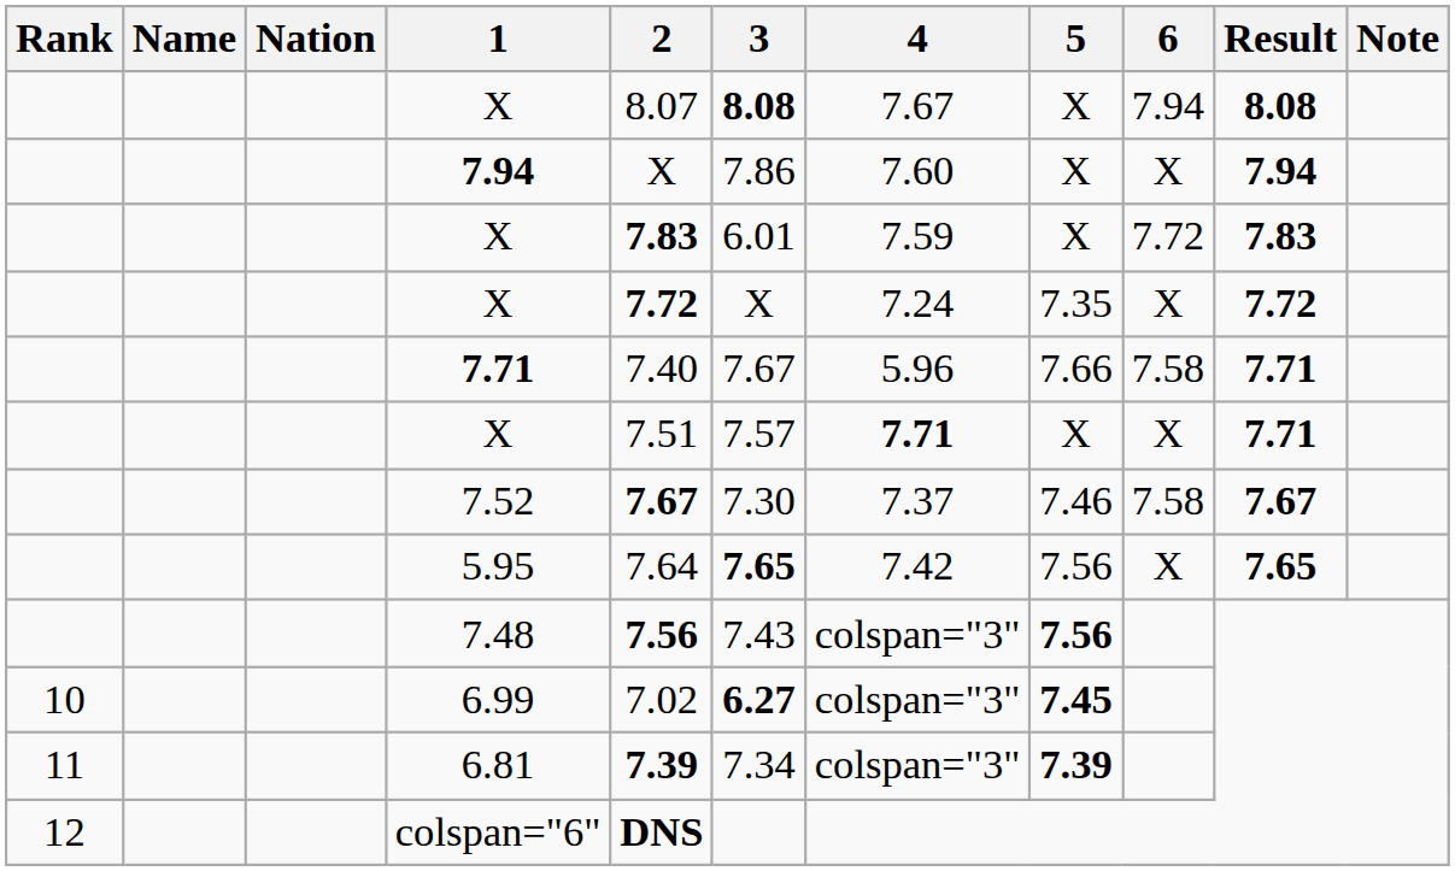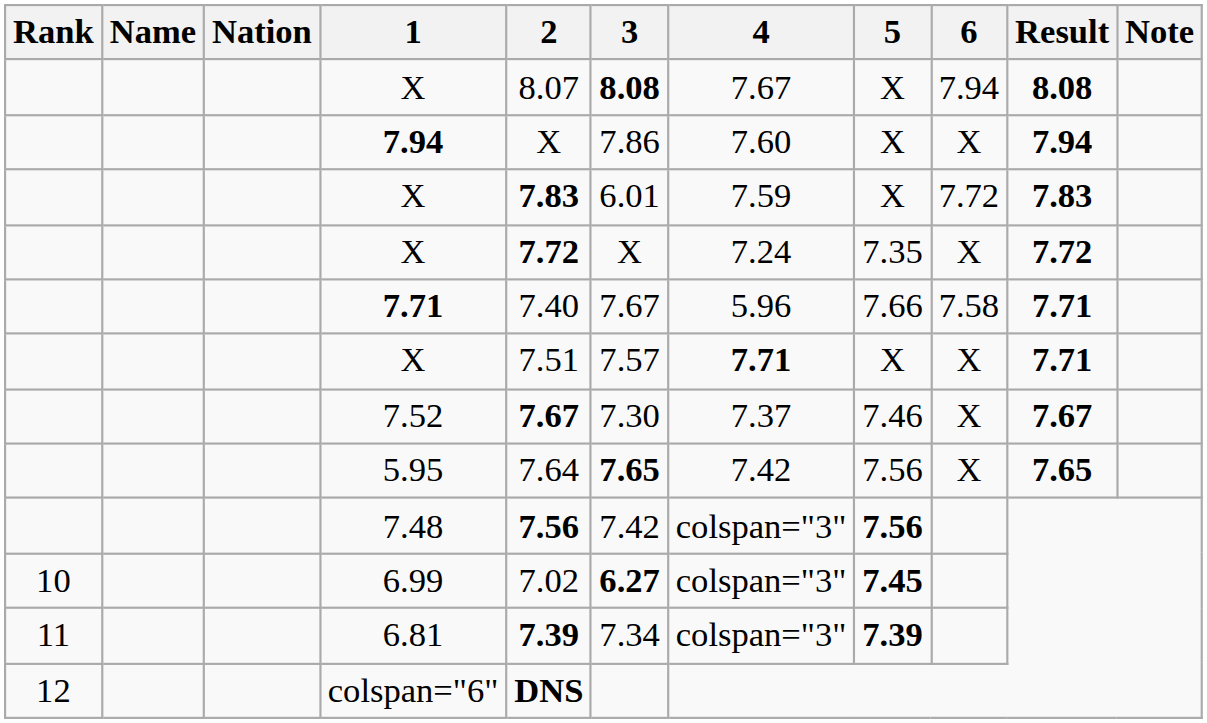 <table class="wikitable sortable" style="text-align:center">
 <tr>
 <th>Rank</th>
 <th>Name</th>
 <th>Nation</th>
 <th>1</th>
 <th>2</th>
 <th>3</th>
 <th>4</th>
 <th>5</th>
 <th>6</th>
 <th>Result</th>
 <th>Note</th>
 </tr>
 <tr>
 <td></td>
 <td align=left></td>
 <td align=left></td>
 <td>X</td>
 <td>8.07</td>
 <td><strong>8.08</strong></td>
 <td>7.67</td>
 <td>X</td>
 <td>7.94</td>
 <td><strong>8.08</strong></td>
 <td></td>
 </tr>
 <tr>
 <td></td>
 <td align=left></td>
 <td align=left></td>
 <td><strong>7.94</strong></td>
 <td>X</td>
 <td>7.86</td>
 <td>7.60</td>
 <td>X</td>
 <td>X</td>
 <td><strong>7.94</strong></td>
 <td></td>
 </tr>
 <tr>
 <td></td>
 <td align=left></td>
 <td align=left></td>
 <td>X</td>
 <td><strong>7.83</strong></td>
 <td>6.01</td>
 <td>7.59</td>
 <td>X</td>
 <td>7.72</td>
 <td><strong>7.83</strong></td>
 <td></td>
 </tr>
 <tr>
 <td></td>
 <td align=left></td>
 <td align=left></td>
 <td>X</td>
 <td><strong>7.72</strong></td>
 <td>X</td>
 <td>7.24</td>
 <td>7.35</td>
 <td>X</td>
 <td><strong>7.72</strong></td>
 <td></td>
 </tr>
 <tr>
 <td></td>
 <td align=left></td>
 <td align=left></td>
 <td><strong>7.71</strong></td>
 <td>7.40</td>
 <td>7.67</td>
 <td>5.96</td>
 <td>7.66</td>
 <td>7.58</td>
 <td><strong>7.71</strong></td>
 <td></td>
 </tr>
 <tr>
 <td></td>
 <td align=left></td>
 <td align=left></td>
 <td>X</td>
 <td>7.51</td>
 <td>7.57</td>
 <td><strong>7.71</strong></td>
 <td>X</td>
 <td>X</td>
 <td><strong>7.71</strong></td>
 <td></td>
 </tr>
 <tr>
 <td></td>
 <td align=left></td>
 <td align=left></td>
 <td>7.52</td>
 <td><strong>7.67</strong></td>
 <td>7.30</td>
 <td>7.37</td>
 <td>7.46</td>
-<td>7.58</td>
+<td>X</td>
 <td><strong>7.67</strong></td>
 <td></td>
 </tr>
 <tr>
 <td></td>
 <td align=left></td>
 <td align=left></td>
 <td>5.95</td>
 <td>7.64</td>
 <td><strong>7.65</strong></td>
 <td>7.42</td>
 <td>7.56</td>
 <td>X</td>
 <td><strong>7.65</strong></td>
 <td></td>
 </tr>
 <tr>
 <td></td>
 <td align=left></td>
 <td align=left></td>
 <td>7.48</td>
 <td><strong>7.56</strong></td>
-<td>7.43</td>
+<td>7.42</td>
 <td>colspan="3" </td>
 <td><strong>7.56</strong></td>
 <td></td>
 </tr>
 <tr>
 <td>10</td>
 <td align=left></td>
 <td align=left></td>
 <td>6.99</td>
 <td>7.02</td>
 <td><strong>6.27</strong></td>
 <td>colspan="3" </td>
 <td><strong>7.45</strong></td>
 <td></td>
 </tr>
 <tr>
 <td>11</td>
 <td align=left></td>
 <td align=left></td>
 <td>6.81</td>
 <td><strong>7.39</strong></td>
 <td>7.34</td>
 <td>colspan="3" </td>
 <td><strong>7.39</strong></td>
 <td></td>
 </tr>
 <tr>
 <td>12</td>
 <td align=left></td>
 <td align=left></td>
 <td>colspan="6" </td>
 <td><strong>DNS</strong></td>
 <td></td>
 </tr>
 </table>
